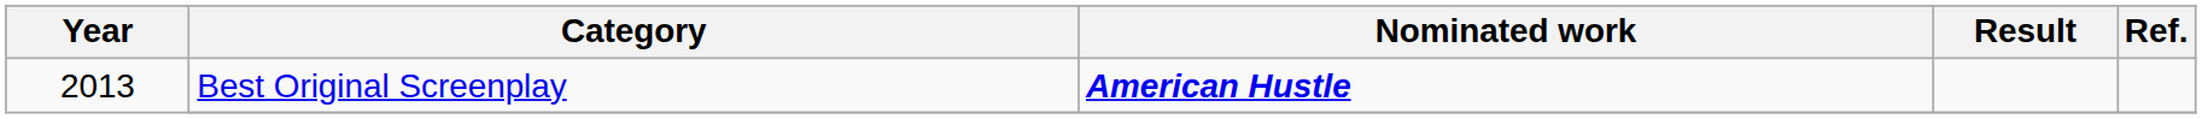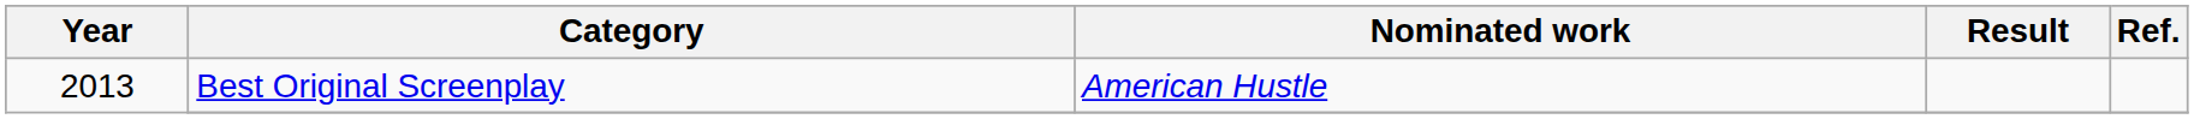 <table class=wikitable>
 <tr>
 <th scope="col" style="width:5em;">Year</th>
 <th scope="col" style="width:26em;">Category</th>
 <th scope="col" style="width:25em;">Nominated work</th>
 <th scope="col" style="width:5em;">Result</th>
 <th>Ref.</th>
 </tr>
 <tr>
 <td style="text-align:center;", rowspan=2>2013</td>
 <td><a href='#'>Best Original Screenplay</a></td>
-<td><strong><em><a href='#'>American Hustle</a></em></strong></td>
+<td><em><a href='#'>American Hustle</a></em></td>
 <td></td>
 <td></td>
 </tr>
 <tr>
 </tr>
 </table>
